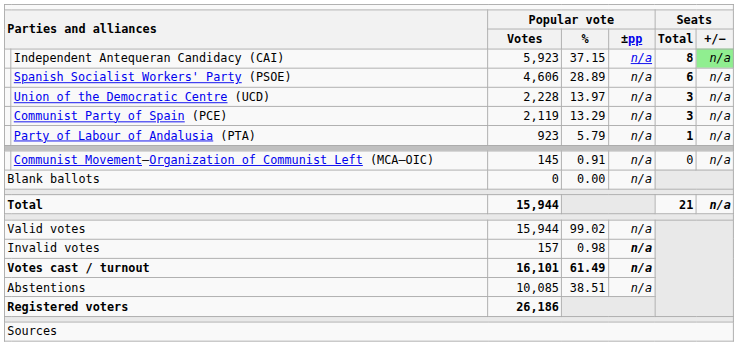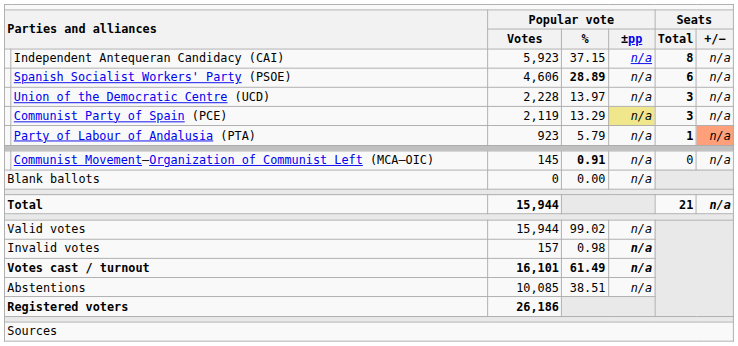 <table class="wikitable" style="text-align:right;">
 <tr>
 <td colspan="7"></td>
 </tr>
 <tr>
 <th style="text-align:left;" rowspan="2" colspan="2" width="525">Parties and alliances</th>
 <th colspan="3">Popular vote</th>
 <th colspan="2">Seats</th>
 </tr>
 <tr>
 <th width="75">Votes</th>
 <th width="45">%</th>
 <th width="45">±<a href='#'>pp</a></th>
 <th width="35">Total</th>
 <th width="35">+/−</th>
 </tr>
 <tr>
 <td width="1" style="color:inherit;background:"></td>
 <td align="left">Independent Antequeran Candidacy (CAI)</td>
 <td>5,923</td>
 <td>37.15</td>
 <td><em><a href='#'>n/a</a></em></td>
 <td><strong>8</strong></td>
-<td style="background: lightgreen;"><em>n/a</em></td>
+<td><em>n/a</em></td>
 </tr>
 <tr>
 <td style="color:inherit;background:"></td>
 <td align="left"><a href='#'>Spanish Socialist Workers' Party</a> (PSOE)</td>
 <td>4,606</td>
-<td>28.89</td>
+<td><strong>28.89</strong></td>
 <td><em>n/a</em></td>
 <td><strong>6</strong></td>
 <td><em>n/a</em></td>
 </tr>
 <tr>
 <td style="color:inherit;background:"></td>
 <td align="left"><a href='#'>Union of the Democratic Centre</a> (UCD)</td>
 <td>2,228</td>
 <td>13.97</td>
 <td><em>n/a</em></td>
 <td><strong>3</strong></td>
 <td><em>n/a</em></td>
 </tr>
 <tr>
 <td style="color:inherit;background:"></td>
 <td align="left"><a href='#'>Communist Party of Spain</a> (PCE)</td>
 <td>2,119</td>
 <td>13.29</td>
-<td><em>n/a</em></td>
+<td style="background: khaki;"><em>n/a</em></td>
 <td><strong>3</strong></td>
 <td><em>n/a</em></td>
 </tr>
 <tr>
 <td style="color:inherit;background:"></td>
 <td align="left"><a href='#'>Party of Labour of Andalusia</a> (PTA)</td>
 <td>923</td>
 <td>5.79</td>
 <td><em>n/a</em></td>
 <td><strong>1</strong></td>
-<td><em>n/a</em></td>
+<td style="background: lightsalmon;"><em>n/a</em></td>
 </tr>
 <tr>
 <td colspan="7" bgcolor="#C0C0C0"></td>
 </tr>
 <tr>
 <td style="color:inherit;background:"></td>
 <td align="left"><a href='#'>Communist Movement</a>–<a href='#'>Organization of Communist Left</a> (MCA–OIC)</td>
 <td>145</td>
-<td>0.91</td>
+<td><strong>0.91</strong></td>
 <td><em>n/a</em></td>
 <td>0</td>
 <td><em>n/a</em></td>
 </tr>
 <tr>
 <td align="left" colspan="2">Blank ballots</td>
 <td>0</td>
 <td>0.00</td>
 <td><em>n/a</em></td>
 <td bgcolor="#E9E9E9" colspan="2"></td>
 </tr>
 <tr>
 <td colspan="7" bgcolor="#E9E9E9"></td>
 </tr>
 <tr style="font-weight:bold;">
 <td align="left" colspan="2">Total</td>
 <td>15,944</td>
 <td bgcolor="#E9E9E9" colspan="2"></td>
 <td>21</td>
 <td><em>n/a</em></td>
 </tr>
 <tr>
 <td colspan="7" bgcolor="#E9E9E9"></td>
 </tr>
 <tr>
 <td align="left" colspan="2">Valid votes</td>
 <td>15,944</td>
 <td>99.02</td>
 <td><em>n/a</em></td>
 <td bgcolor="#E9E9E9" colspan="2" rowspan="5"></td>
 </tr>
 <tr>
 <td align="left" colspan="2">Invalid votes</td>
 <td>157</td>
 <td>0.98</td>
 <td><strong><em>n/a</em></strong></td>
 </tr>
 <tr style="font-weight:bold;">
 <td align="left" colspan="2">Votes cast / turnout</td>
 <td>16,101</td>
 <td>61.49</td>
 <td><em>n/a</em></td>
 </tr>
 <tr>
 <td align="left" colspan="2">Abstentions</td>
 <td>10,085</td>
 <td>38.51</td>
 <td><em>n/a</em></td>
 </tr>
 <tr style="font-weight:bold;">
 <td align="left" colspan="2">Registered voters</td>
 <td>26,186</td>
 <td bgcolor="#E9E9E9" colspan="2"></td>
 </tr>
 <tr>
 <td colspan="7" bgcolor="#E9E9E9"></td>
 </tr>
 <tr>
 <td align="left" colspan="7">Sources</td>
 </tr>
 </table>
